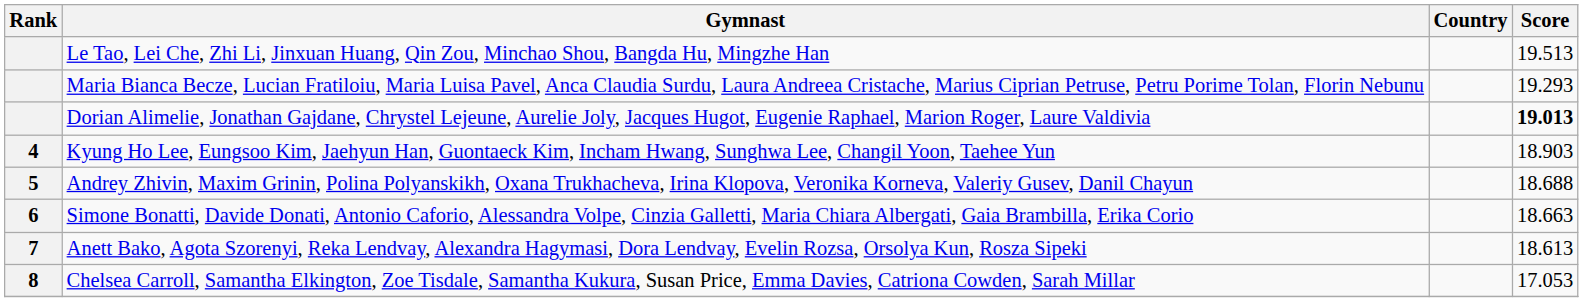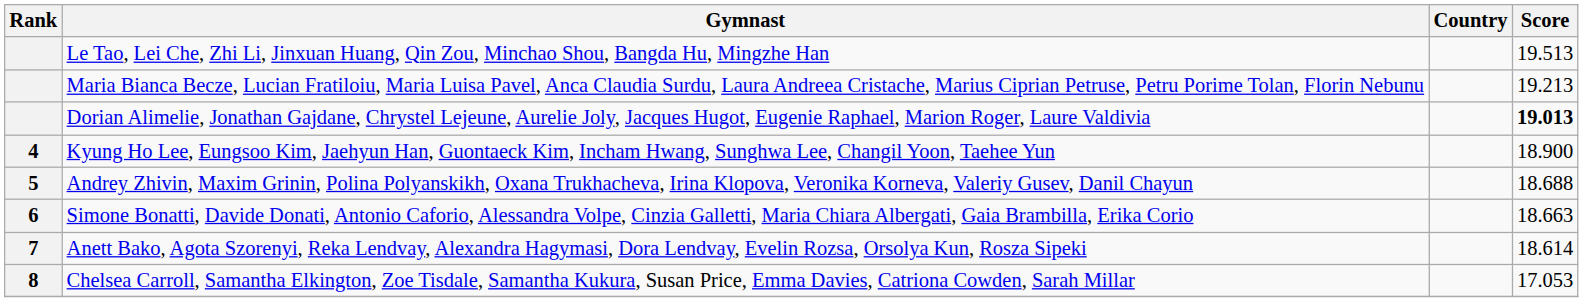 <table class="wikitable sortable">
 <tr>
 <th>Rank</th>
 <th>Gymnast</th>
 <th>Country</th>
 <th>Score</th>
 </tr>
 <tr>
 <th></th>
 <td><a href='#'>Le Tao</a>, <a href='#'>Lei Che</a>, <a href='#'>Zhi Li</a>, <a href='#'>Jinxuan Huang</a>, <a href='#'>Qin Zou</a>, <a href='#'>Minchao Shou</a>, <a href='#'>Bangda Hu</a>, <a href='#'>Mingzhe Han</a></td>
 <td></td>
 <td>19.513</td>
 </tr>
 <tr>
 <th></th>
 <td><a href='#'>Maria Bianca Becze</a>, <a href='#'>Lucian Fratiloiu</a>, <a href='#'>Maria Luisa Pavel</a>, <a href='#'>Anca Claudia Surdu</a>, <a href='#'>Laura Andreea Cristache</a>, <a href='#'>Marius Ciprian Petruse</a>, <a href='#'>Petru Porime Tolan</a>, <a href='#'>Florin Nebunu</a></td>
 <td></td>
-<td>19.293</td>
+<td>19.213</td>
 </tr>
 <tr>
 <th></th>
 <td><a href='#'>Dorian Alimelie</a>, <a href='#'>Jonathan Gajdane</a>, <a href='#'>Chrystel Lejeune</a>, <a href='#'>Aurelie Joly</a>, <a href='#'>Jacques Hugot</a>, <a href='#'>Eugenie Raphael</a>, <a href='#'>Marion Roger</a>, <a href='#'>Laure Valdivia</a></td>
 <td></td>
 <td><strong>19.013</strong></td>
 </tr>
 <tr>
 <th>4</th>
 <td><a href='#'>Kyung Ho Lee</a>, <a href='#'>Eungsoo Kim</a>, <a href='#'>Jaehyun Han</a>, <a href='#'>Guontaeck Kim</a>, <a href='#'>Incham Hwang</a>, <a href='#'>Sunghwa Lee</a>, <a href='#'>Changil Yoon</a>, <a href='#'>Taehee Yun</a></td>
 <td></td>
-<td>18.903</td>
+<td>18.900</td>
 </tr>
 <tr>
 <th>5</th>
 <td><a href='#'>Andrey Zhivin</a>, <a href='#'>Maxim Grinin</a>, <a href='#'>Polina Polyanskikh</a>, <a href='#'>Oxana Trukhacheva</a>, <a href='#'>Irina Klopova</a>, <a href='#'>Veronika Korneva</a>, <a href='#'>Valeriy Gusev</a>, <a href='#'>Danil Chayun</a></td>
 <td></td>
 <td>18.688</td>
 </tr>
 <tr>
 <th>6</th>
 <td><a href='#'>Simone Bonatti</a>, <a href='#'>Davide Donati</a>, <a href='#'>Antonio Caforio</a>, <a href='#'>Alessandra Volpe</a>, <a href='#'>Cinzia Galletti</a>, <a href='#'>Maria Chiara Albergati</a>, <a href='#'>Gaia Brambilla</a>, <a href='#'>Erika Corio</a></td>
 <td></td>
 <td>18.663</td>
 </tr>
 <tr>
 <th>7</th>
 <td><a href='#'>Anett Bako</a>, <a href='#'>Agota Szorenyi</a>, <a href='#'>Reka Lendvay</a>, <a href='#'>Alexandra Hagymasi</a>, <a href='#'>Dora Lendvay</a>, <a href='#'>Evelin Rozsa</a>, <a href='#'>Orsolya Kun</a>, <a href='#'>Rosza Sipeki</a></td>
 <td></td>
-<td>18.613</td>
+<td>18.614</td>
 </tr>
 <tr>
 <th>8</th>
 <td><a href='#'>Chelsea Carroll</a>, <a href='#'>Samantha Elkington</a>, <a href='#'>Zoe Tisdale</a>, <a href='#'>Samantha Kukura</a>, Susan Price, <a href='#'>Emma Davies</a>, <a href='#'>Catriona Cowden</a>, <a href='#'>Sarah Millar</a></td>
 <td></td>
 <td>17.053</td>
 </tr>
 <tr>
 </tr>
 </table>
